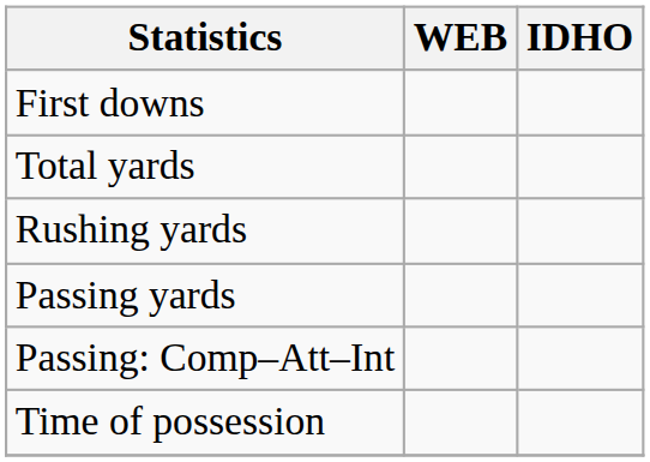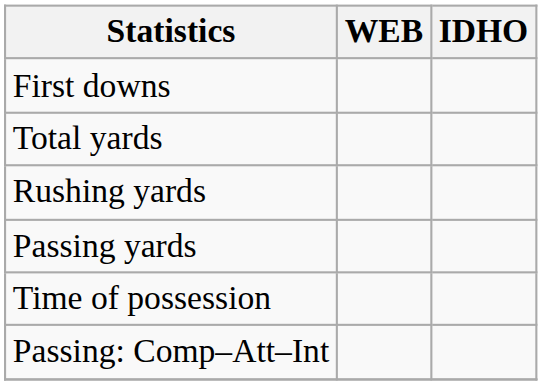 <table class="wikitable" style="float: left;">
 <tr>
 <th>Statistics</th>
 <th>WEB</th>
 <th>IDHO</th>
 </tr>
 <tr>
 <td>First downs</td>
 <td></td>
 <td></td>
 </tr>
 <tr>
 <td>Total yards</td>
 <td></td>
 <td></td>
 </tr>
 <tr>
 <td>Rushing yards</td>
 <td></td>
 <td></td>
 </tr>
 <tr>
 <td>Passing yards</td>
 <td></td>
 <td></td>
 </tr>
 <tr>
-<td>Passing: Comp–Att–Int</td>
+<td>Time of possession</td>
 <td></td>
 <td></td>
 </tr>
 <tr>
-<td>Time of possession</td>
+<td>Passing: Comp–Att–Int</td>
 <td></td>
 <td></td>
 </tr>
 <tr>
 </tr>
 </table>
